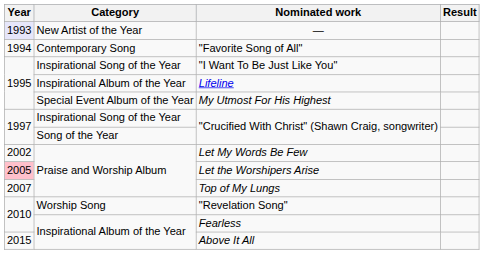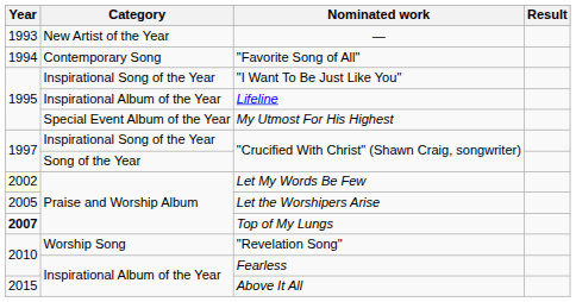 <table class="wikitable">
 <tr style="background:#b0c4de; text-align:center;">
 <th>Year</th>
 <th>Category</th>
 <th>Nominated work</th>
 <th>Result</th>
 </tr>
 <tr>
-<td style="background: lavender;">1993</td>
+<td>1993</td>
 <td>New Artist of the Year</td>
 <td style="text-align:center;">—</td>
 <td></td>
 </tr>
 <tr>
 <td>1994</td>
 <td>Contemporary Song</td>
 <td>"Favorite Song of All"</td>
 <td></td>
 </tr>
 <tr>
 <td rowspan=3>1995</td>
 <td>Inspirational Song of the Year</td>
 <td>"I Want To Be Just Like You"</td>
 <td></td>
 </tr>
 <tr>
 <td>Inspirational Album of the Year</td>
 <td><em><a href='#'>Lifeline</a></em></td>
 <td></td>
 </tr>
 <tr>
 <td>Special Event Album of the Year</td>
 <td><em>My Utmost For His Highest</em></td>
 <td></td>
 </tr>
 <tr>
 <td rowspan=2>1997</td>
 <td>Inspirational Song of the Year</td>
 <td rowspan=2>"Crucified With Christ" (Shawn Craig, songwriter)</td>
 <td></td>
 </tr>
 <tr>
 <td>Song of the Year</td>
 <td></td>
 </tr>
 <tr>
-<td>2002</td>
+<td style="background: lightyellow;">2002</td>
 <td rowspan=3>Praise and Worship Album</td>
 <td><em>Let My Words Be Few</em></td>
 <td></td>
 </tr>
 <tr>
-<td style="background: pink;">2005</td>
+<td>2005</td>
 <td><em>Let the Worshipers Arise</em></td>
 <td></td>
 </tr>
 <tr>
-<td>2007</td>
+<td><strong>2007</strong></td>
 <td><em>Top of My Lungs</em></td>
 <td></td>
 </tr>
 <tr>
 <td rowspan=2>2010</td>
 <td>Worship Song</td>
 <td>"Revelation Song"</td>
 <td></td>
 </tr>
 <tr>
 <td rowspan=2>Inspirational Album of the Year</td>
 <td><em>Fearless</em></td>
 <td></td>
 </tr>
 <tr>
 <td>2015</td>
 <td><em>Above It All</em></td>
 <td></td>
 </tr>
 </table>
